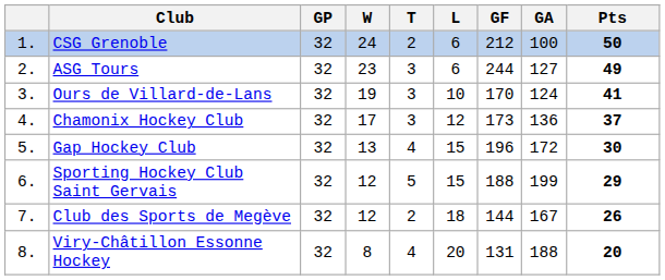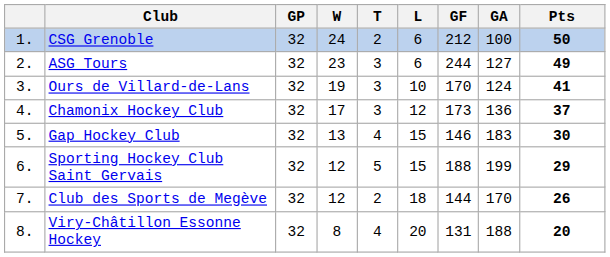 <table class="wikitable">
 <tr>
 <th width="30"></th>
 <th width="200">Club</th>
 <th width="30">GP</th>
 <th width="30">W</th>
 <th width="30">T</th>
 <th width="30">L</th>
 <th width="30">GF</th>
 <th width="30">GA</th>
 <th width="70">Pts</th>
 </tr>
 <tr bgcolor="#BCD2EE" align="center">
 <td>1.</td>
 <td align="left"><a href='#'>CSG Grenoble</a></td>
 <td>32</td>
 <td>24</td>
 <td>2</td>
 <td>6</td>
 <td>212</td>
 <td>100</td>
 <td><strong>50</strong></td>
 </tr>
 <tr bgcolor="#FFFFFF" align="center">
 <td>2.</td>
 <td align="left"><a href='#'>ASG Tours</a></td>
 <td>32</td>
 <td>23</td>
 <td>3</td>
 <td>6</td>
 <td>244</td>
 <td>127</td>
 <td><strong>49</strong></td>
 </tr>
 <tr bgcolor="#FFFFFF" align="center">
 <td>3.</td>
 <td align="left"><a href='#'>Ours de Villard-de-Lans</a></td>
 <td>32</td>
 <td>19</td>
 <td>3</td>
 <td>10</td>
 <td>170</td>
 <td>124</td>
 <td><strong>41</strong></td>
 </tr>
 <tr bgcolor="#FFFFFF" align="center">
 <td>4.</td>
 <td align="left"><a href='#'>Chamonix Hockey Club</a></td>
 <td>32</td>
 <td>17</td>
 <td>3</td>
 <td>12</td>
 <td>173</td>
 <td>136</td>
 <td><strong>37</strong></td>
 </tr>
 <tr bgcolor="#FFFFFF" align="center">
 <td>5.</td>
 <td align="left"><a href='#'>Gap Hockey Club</a></td>
 <td>32</td>
 <td>13</td>
 <td>4</td>
 <td>15</td>
-<td>196</td>
-<td>172</td>
+<td>146</td>
+<td>183</td>
 <td><strong>30</strong></td>
 </tr>
 <tr bgcolor="#FFFFFF" align="center">
 <td>6.</td>
 <td align="left"><a href='#'>Sporting Hockey Club Saint Gervais</a></td>
 <td>32</td>
 <td>12</td>
 <td>5</td>
 <td>15</td>
 <td>188</td>
 <td>199</td>
 <td><strong>29</strong></td>
 </tr>
 <tr bgcolor="#FFFFFF" align="center">
 <td>7.</td>
 <td align="left"><a href='#'>Club des Sports de Megève</a></td>
 <td>32</td>
 <td>12</td>
 <td>2</td>
 <td>18</td>
 <td>144</td>
-<td>167</td>
+<td>170</td>
 <td><strong>26</strong></td>
 </tr>
 <tr bgcolor="#FFFFFF" align="center">
 <td>8.</td>
 <td align="left"><a href='#'>Viry-Châtillon Essonne Hockey&lrm;</a></td>
 <td>32</td>
 <td>8</td>
 <td>4</td>
 <td>20</td>
 <td>131</td>
 <td>188</td>
 <td><strong>20</strong></td>
 </tr>
 </table>
